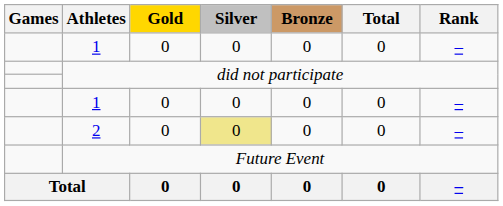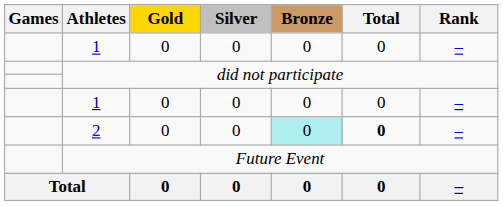 <table class="wikitable" style="text-align:center; font-size:90%;">
 <tr>
 <th>Games</th>
 <th>Athletes</th>
 <td style="background:gold; width:3.7em; font-weight:bold;">Gold</td>
 <td style="background:silver; width:3.7em; font-weight:bold;">Silver</td>
 <td style="background:#cc9966; width:3.7em; font-weight:bold;">Bronze</td>
 <th style="width:4.1em; font-weight:bold;">Total</th>
 <th style="width:4.1em; font-weight:bold;">Rank</th>
 </tr>
 <tr>
 <td align=left></td>
 <td><a href='#'>1</a></td>
 <td>0</td>
 <td>0</td>
 <td>0</td>
 <td>0</td>
 <td><a href='#'>–</a></td>
 </tr>
 <tr>
 <td align=left></td>
 <td colspan=6; rowspan=2><em>did not participate</em></td>
 </tr>
 <tr>
 <td align=left></td>
 </tr>
 <tr>
 <td align=left></td>
 <td><a href='#'>1</a></td>
 <td>0</td>
 <td>0</td>
 <td>0</td>
 <td>0</td>
 <td><a href='#'>–</a></td>
 </tr>
 <tr>
 <td align=left></td>
 <td><a href='#'>2</a></td>
 <td>0</td>
-<td style="background: khaki;">0</td>
 <td>0</td>
-<td>0</td>
+<td style="background: paleturquoise;">0</td>
+<td><strong>0</strong></td>
 <td><a href='#'>–</a></td>
 </tr>
 <tr>
 <td align=left></td>
 <td colspan=6><em>Future Event</em></td>
 </tr>
 <tr>
 <th colspan=2>Total</th>
 <th>0</th>
 <th>0</th>
 <th>0</th>
 <th>0</th>
 <th><a href='#'>–</a></th>
 </tr>
 </table>
